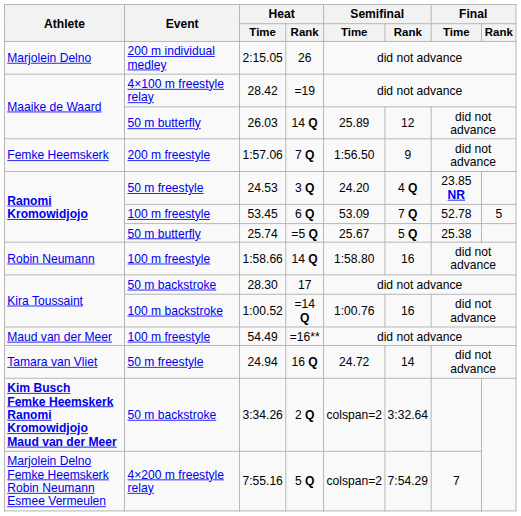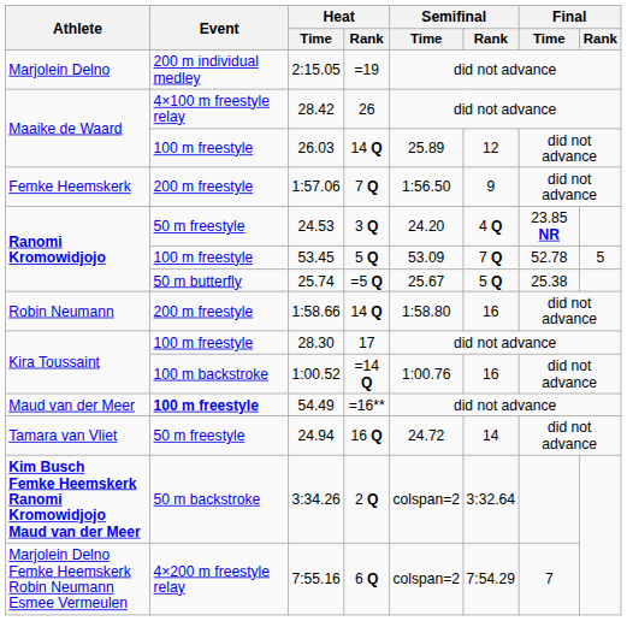 <table class=wikitable style="font-size:90%">
 <tr>
 <th rowspan="2">Athlete</th>
 <th rowspan="2">Event</th>
 <th colspan="2">Heat</th>
 <th colspan="2">Semifinal</th>
 <th colspan="2">Final</th>
 </tr>
 <tr style="font-size:95%">
 <th>Time</th>
 <th>Rank</th>
 <th>Time</th>
 <th>Rank</th>
 <th>Time</th>
 <th>Rank</th>
 </tr>
 <tr align=center>
 <td align=left><a href='#'>Marjolein Delno</a></td>
 <td align=left><a href='#'>200 m individual medley</a></td>
 <td>2:15.05</td>
-<td>26</td>
+<td>=19</td>
 <td colspan=4>did not advance</td>
 </tr>
 <tr align=center>
 <td align=left rowspan=2><a href='#'>Maaike de Waard</a></td>
 <td align=left><a href='#'>4×100 m freestyle relay</a></td>
 <td>28.42</td>
-<td>=19</td>
+<td>26</td>
 <td colspan=4>did not advance</td>
 </tr>
 <tr align=center>
-<td align=left><a href='#'>50 m butterfly</a></td>
+<td align=left><a href='#'>100 m freestyle</a></td>
 <td>26.03</td>
 <td>14 <strong>Q</strong></td>
 <td>25.89</td>
 <td>12</td>
 <td colspan=2>did not advance</td>
 </tr>
 <tr align=center>
 <td align=left><a href='#'>Femke Heemskerk</a></td>
 <td align=left><a href='#'>200 m freestyle</a></td>
 <td>1:57.06</td>
 <td>7 <strong>Q</strong></td>
 <td>1:56.50</td>
 <td>9</td>
 <td colspan=2>did not advance</td>
 </tr>
 <tr align=center>
 <td align=left rowspan=3><strong><a href='#'>Ranomi Kromowidjojo</a></strong></td>
 <td align=left><a href='#'>50 m freestyle</a></td>
 <td>24.53</td>
 <td>3 <strong>Q</strong></td>
 <td>24.20</td>
 <td>4 <strong>Q</strong></td>
 <td>23.85 <strong><a href='#'>NR</a></strong></td>
 <td></td>
 </tr>
 <tr align=center>
 <td align=left><a href='#'>100 m freestyle</a></td>
 <td>53.45</td>
-<td>6 <strong>Q</strong></td>
+<td>5 <strong>Q</strong></td>
 <td>53.09</td>
 <td>7 <strong>Q</strong></td>
 <td>52.78</td>
 <td>5</td>
 </tr>
 <tr align=center>
 <td align=left><a href='#'>50 m butterfly</a></td>
 <td>25.74</td>
 <td>=5 <strong>Q</strong></td>
 <td>25.67</td>
 <td>5 <strong>Q</strong></td>
 <td>25.38</td>
 <td></td>
 </tr>
 <tr align=center>
 <td align=left><a href='#'>Robin Neumann</a></td>
-<td align=left><a href='#'>100 m freestyle</a></td>
+<td align=left><a href='#'>200 m freestyle</a></td>
 <td>1:58.66</td>
 <td>14 <strong>Q</strong></td>
 <td>1:58.80</td>
 <td>16</td>
 <td colspan=2>did not advance</td>
 </tr>
 <tr align=center>
 <td align=left rowspan=2><a href='#'>Kira Toussaint</a></td>
-<td align=left><a href='#'>50 m backstroke</a></td>
+<td align=left><a href='#'>100 m freestyle</a></td>
 <td>28.30</td>
 <td>17</td>
 <td colspan=4>did not advance</td>
 </tr>
 <tr align=center>
 <td align=left><a href='#'>100 m backstroke</a></td>
 <td>1:00.52</td>
 <td>=14 <strong>Q</strong></td>
 <td>1:00.76</td>
 <td>16</td>
 <td colspan=2>did not advance</td>
 </tr>
 <tr align=center>
 <td align=left><a href='#'>Maud van der Meer</a></td>
-<td align=left><a href='#'>100 m freestyle</a></td>
+<td align=left><strong><a href='#'>100 m freestyle</a></strong></td>
 <td>54.49</td>
 <td>=16**</td>
 <td colspan=4>did not advance</td>
 </tr>
 <tr align=center>
 <td align=left><a href='#'>Tamara van Vliet</a></td>
 <td align=left><a href='#'>50 m freestyle</a></td>
 <td>24.94</td>
 <td>16 <strong>Q</strong></td>
 <td>24.72</td>
 <td>14</td>
 <td colspan=2>did not advance</td>
 </tr>
 <tr align=center>
 <td align=left><strong><a href='#'>Kim Busch</a><br><a href='#'>Femke Heemskerk</a><br><a href='#'>Ranomi Kromowidjojo</a><br><a href='#'>Maud van der Meer</a></strong></td>
 <td align=left><a href='#'>50 m backstroke</a></td>
 <td>3:34.26</td>
 <td>2 <strong>Q</strong></td>
 <td>colspan=2 </td>
 <td>3:32.64</td>
 <td></td>
 </tr>
 <tr align=center>
 <td align=left><a href='#'>Marjolein Delno</a><br><a href='#'>Femke Heemskerk</a><br><a href='#'>Robin Neumann</a><br><a href='#'>Esmee Vermeulen</a></td>
 <td align=left><a href='#'>4×200 m freestyle relay</a></td>
 <td>7:55.16</td>
-<td>5 <strong>Q</strong></td>
+<td>6 <strong>Q</strong></td>
 <td>colspan=2 </td>
 <td>7:54.29</td>
 <td>7</td>
 </tr>
 </table>
